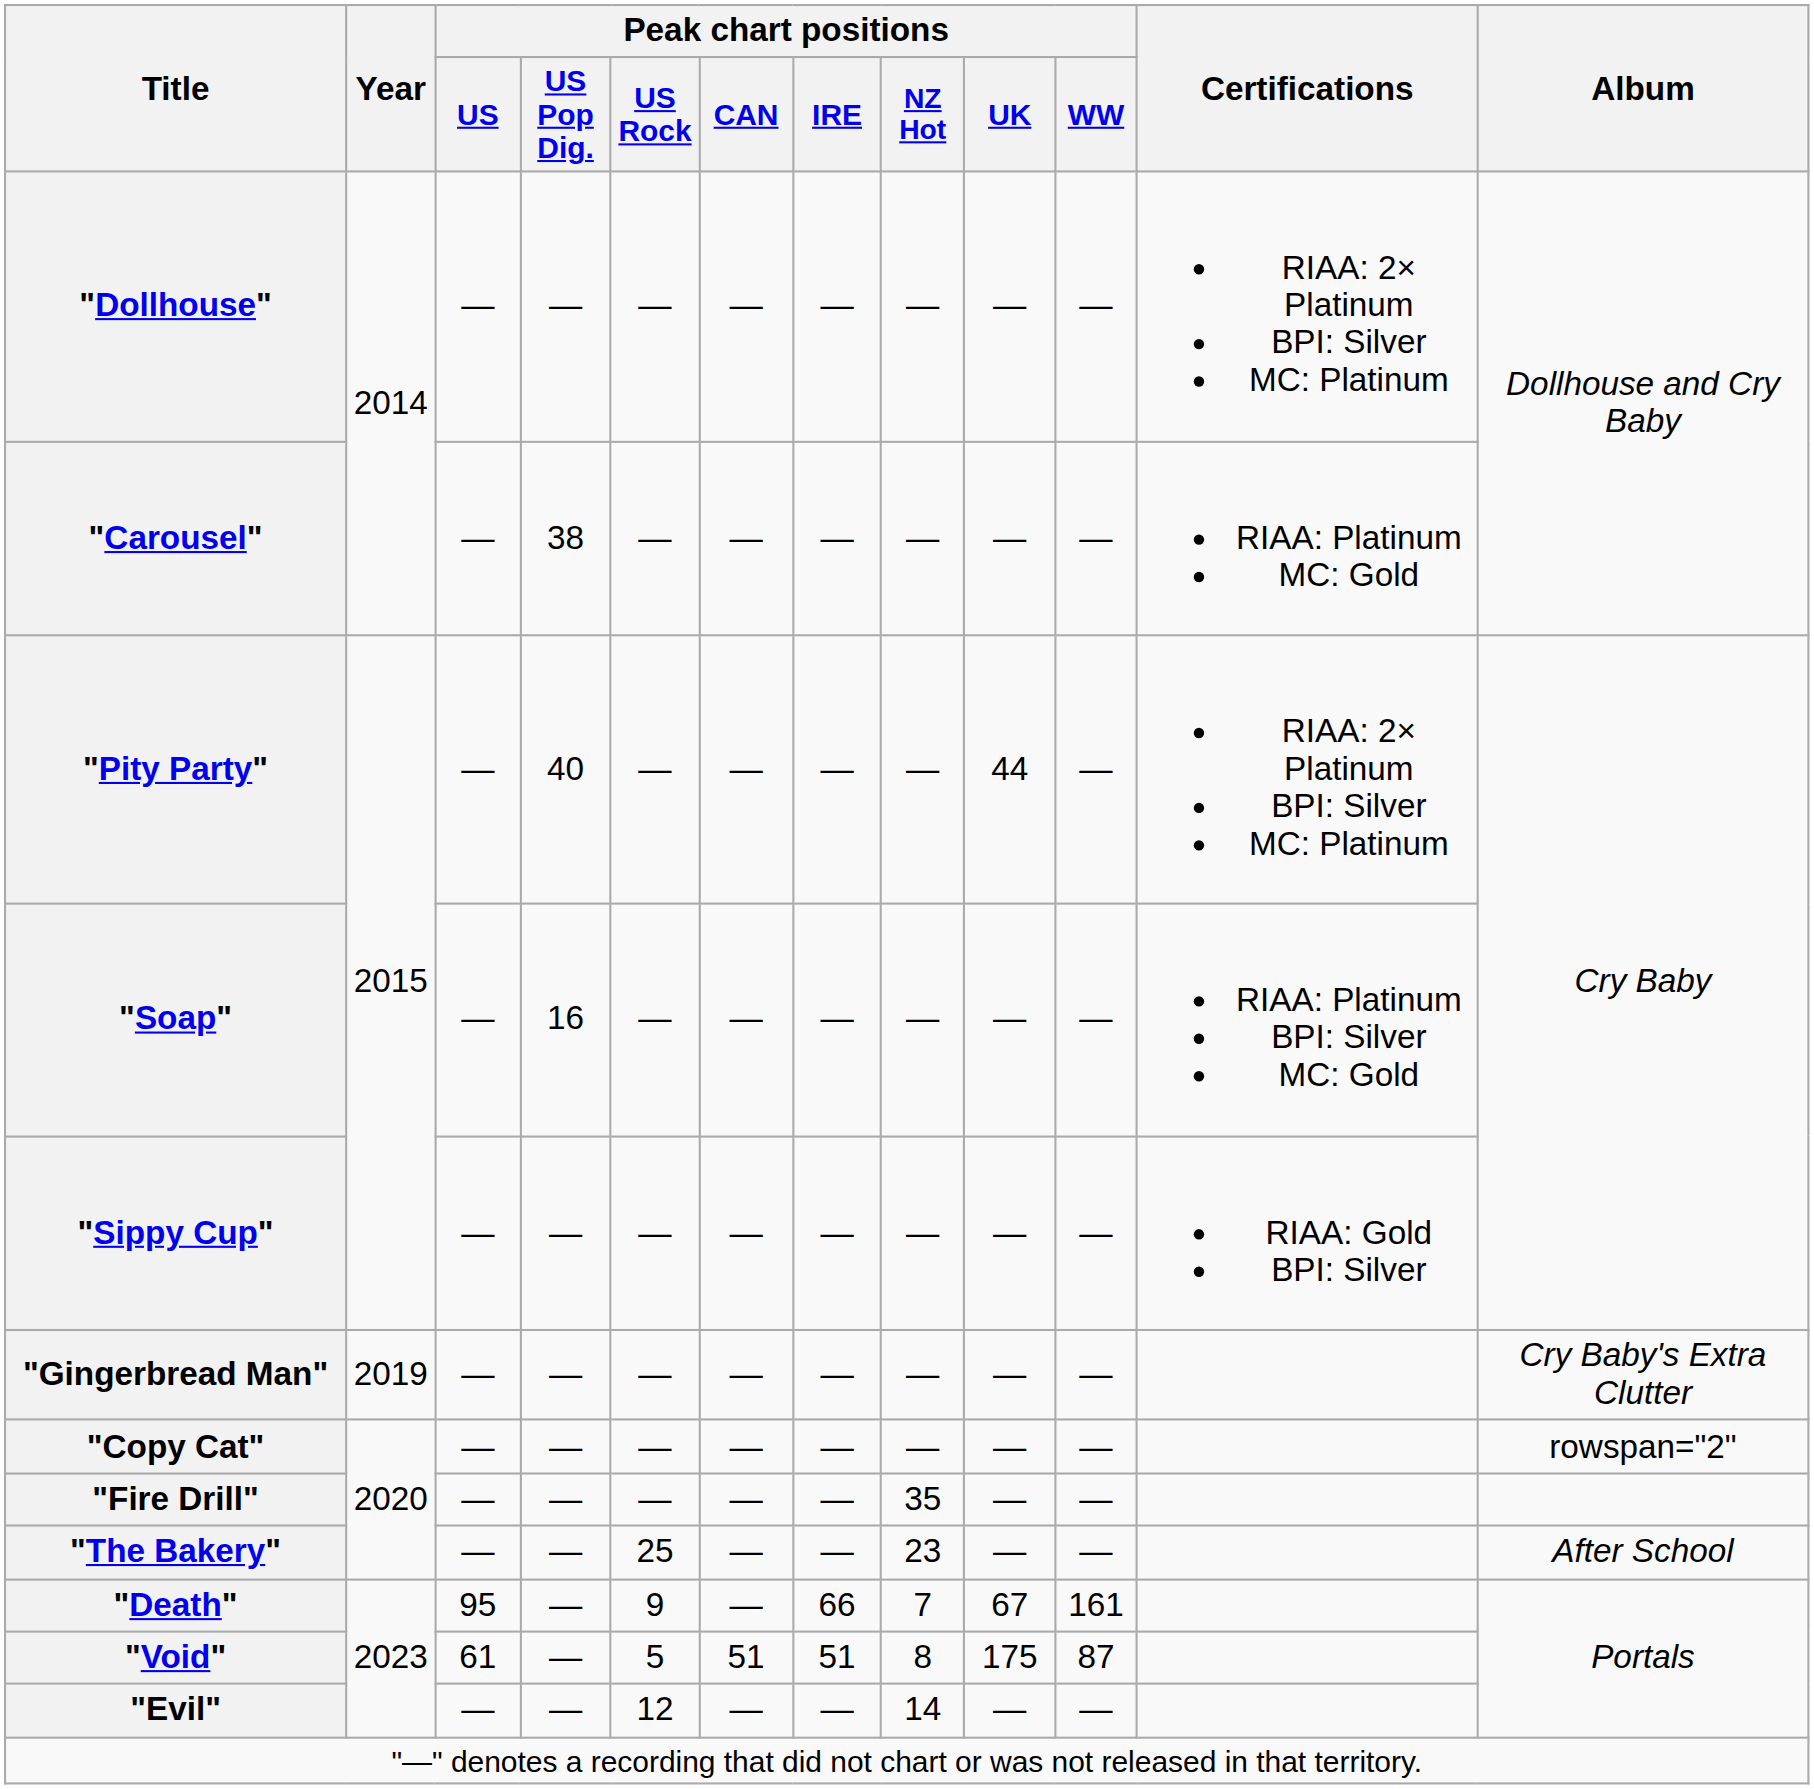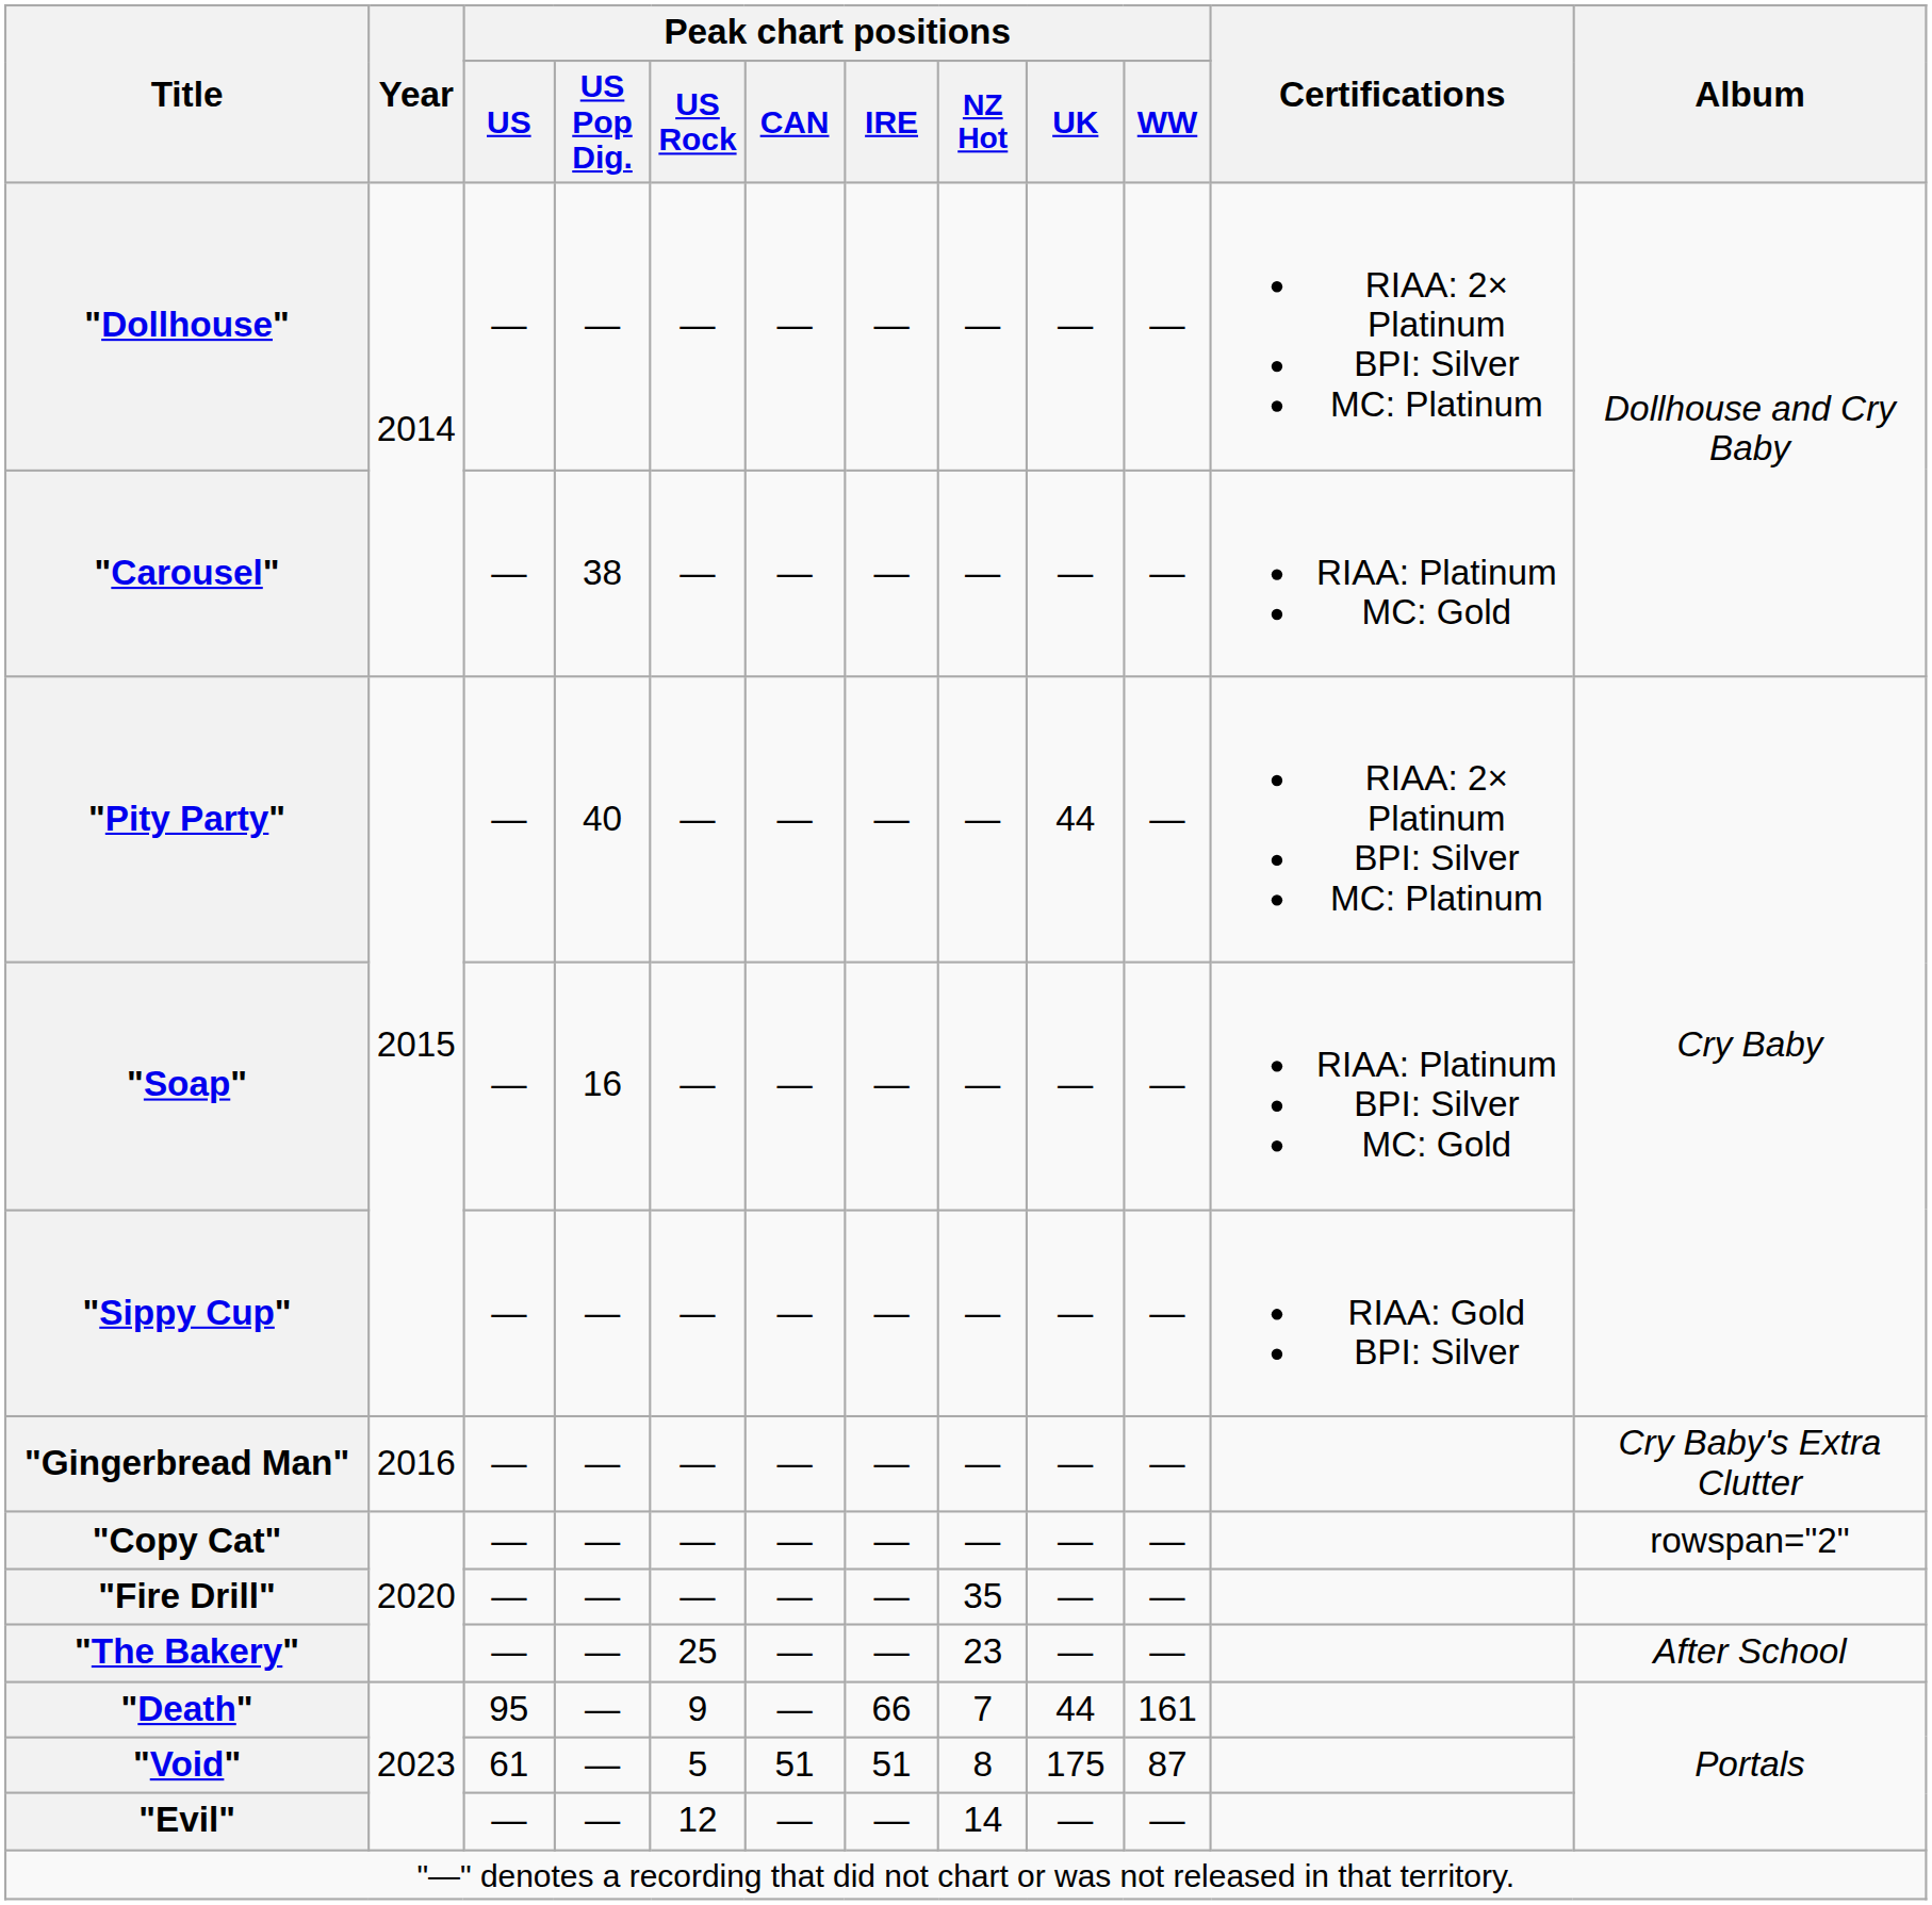 <table class="wikitable plainrowheaders" style="text-align:center;">
 <tr>
 <th scope="col" rowspan="2" style="width:12em;">Title</th>
 <th scope="col" rowspan="2" style="width:1em;">Year</th>
 <th scope="col" colspan="8">Peak chart positions</th>
 <th scope="col" rowspan="2" style="width:12em;">Certifications</th>
 <th scope="col" rowspan="2" style="width:12em;">Album</th>
 </tr>
 <tr>
 <th scope="col" style="width:3em;font-size:90%;"><a href='#'>US</a><br></th>
 <th scope="col" style="width:3em;font-size:90%;"><a href='#'>US<br>Pop<br>Dig.</a><br></th>
 <th scope="col" style="width:2.5em; font-size:90%;"><a href='#'>US<br>Rock</a><br></th>
 <th scope="col" style="width:3em; font-size:90%;"><a href='#'>CAN</a><br></th>
 <th scope="col" style="width:3em;font-size:90%;"><a href='#'>IRE</a><br></th>
 <th scope="col" style="width:3em;font-size:85%;"><a href='#'>NZ<br>Hot</a><br></th>
 <th scope="col" style="width:3em;font-size:90%;"><a href='#'>UK</a><br></th>
 <th scope="col" style="width:2.5em; font-size:90%;"><a href='#'>WW</a><br></th>
 </tr>
 <tr>
 <th scope="row">"<a href='#'>Dollhouse</a>"</th>
 <td rowspan="2">2014</td>
 <td>—</td>
 <td>—</td>
 <td>—</td>
 <td>—</td>
 <td>—</td>
 <td>—</td>
 <td>—</td>
 <td>—</td>
 <td><br><ul><li>RIAA: 2× Platinum</li><li>BPI: Silver</li><li>MC: Platinum</li></ul></td>
 <td rowspan="2"><em>Dollhouse and Cry Baby</em></td>
 </tr>
 <tr>
 <th scope="row">"<a href='#'>Carousel</a>"</th>
 <td>—</td>
 <td>38</td>
 <td>—</td>
 <td>—</td>
 <td>—</td>
 <td>—</td>
 <td>—</td>
 <td>—</td>
 <td><br><ul><li>RIAA: Platinum</li><li>MC: Gold</li></ul></td>
 </tr>
 <tr>
 <th scope="row">"<a href='#'>Pity Party</a>"</th>
 <td rowspan="3">2015</td>
 <td>—</td>
 <td>40</td>
 <td>—</td>
 <td>—</td>
 <td>—</td>
 <td>—</td>
 <td>44</td>
 <td>—</td>
 <td><br><ul><li>RIAA: 2× Platinum</li><li>BPI: Silver</li><li>MC: Platinum</li></ul></td>
 <td rowspan="3"><em>Cry Baby</em></td>
 </tr>
 <tr>
 <th scope="row">"<a href='#'>Soap</a>"</th>
 <td>—</td>
 <td>16</td>
 <td>—</td>
 <td>—</td>
 <td>—</td>
 <td>—</td>
 <td>—</td>
 <td>—</td>
 <td><br><ul><li>RIAA: Platinum</li><li>BPI: Silver</li><li>MC: Gold</li></ul></td>
 </tr>
 <tr>
 <th scope="row">"<a href='#'>Sippy Cup</a>"</th>
 <td>—</td>
 <td>—</td>
 <td>—</td>
 <td>—</td>
 <td>—</td>
 <td>—</td>
 <td>—</td>
 <td>—</td>
 <td><br><ul><li>RIAA: Gold</li><li>BPI: Silver</li></ul></td>
 </tr>
 <tr>
 <th scope="row">"Gingerbread Man"</th>
-<td>2019</td>
+<td>2016</td>
 <td>—</td>
 <td>—</td>
 <td>—</td>
 <td>—</td>
 <td>—</td>
 <td>—</td>
 <td>—</td>
 <td>—</td>
 <td></td>
 <td><em>Cry Baby's Extra Clutter</em></td>
 </tr>
 <tr>
 <th scope="row">"Copy Cat"<br></th>
 <td rowspan="3">2020</td>
 <td>—</td>
 <td>—</td>
 <td>—</td>
 <td>—</td>
 <td>—</td>
 <td>—</td>
 <td>—</td>
 <td>—</td>
 <td></td>
 <td>rowspan="2" </td>
 </tr>
 <tr>
 <th scope="row">"Fire Drill"</th>
 <td>—</td>
 <td>—</td>
 <td>—</td>
 <td>—</td>
 <td>—</td>
 <td>35</td>
 <td>—</td>
 <td>—</td>
 <td></td>
 </tr>
 <tr>
 <th scope="row">"<a href='#'>The Bakery</a>"</th>
 <td>—</td>
 <td>—</td>
 <td>25</td>
 <td>—</td>
 <td>—</td>
 <td>23</td>
 <td>—</td>
 <td>—</td>
 <td></td>
 <td><em>After School</em></td>
 </tr>
 <tr>
 <th scope="row">"<a href='#'>Death</a>"</th>
 <td rowspan="3">2023</td>
 <td>95</td>
 <td>—</td>
 <td>9</td>
 <td>—</td>
 <td>66</td>
 <td>7</td>
-<td>67</td>
+<td>44</td>
 <td>161</td>
 <td></td>
 <td rowspan="3"><em>Portals</em></td>
 </tr>
 <tr>
 <th scope="row">"<a href='#'>Void</a>"</th>
 <td>61</td>
 <td>—</td>
 <td>5</td>
 <td>51</td>
 <td>51</td>
 <td>8</td>
 <td>175</td>
 <td>87</td>
 <td></td>
 </tr>
 <tr>
 <th scope="row">"Evil"</th>
 <td>—</td>
 <td>—</td>
 <td>12</td>
 <td>—</td>
 <td>—</td>
 <td>14</td>
 <td>—</td>
 <td>—</td>
 <td></td>
 </tr>
 <tr>
 <td colspan="15" style="font-size:90%">"—" denotes a recording that did not chart or was not released in that territory.</td>
 </tr>
 </table>
